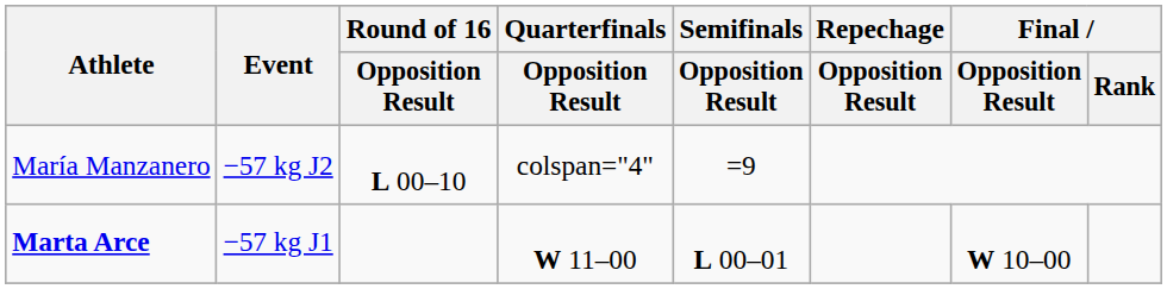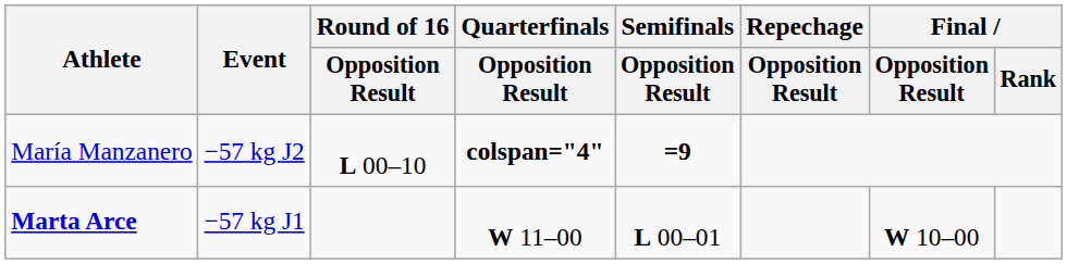 <table class="wikitable" style="font-size:90%">
 <tr>
 <th rowspan="2">Athlete</th>
 <th rowspan="2">Event</th>
 <th>Round of 16</th>
 <th>Quarterfinals</th>
 <th>Semifinals</th>
 <th>Repechage</th>
 <th colspan=2>Final / </th>
 </tr>
 <tr style="font-size:95%">
 <th>Opposition<br>Result</th>
 <th>Opposition<br>Result</th>
 <th>Opposition<br>Result</th>
 <th>Opposition<br>Result</th>
 <th>Opposition<br>Result</th>
 <th>Rank</th>
 </tr>
 <tr align="center">
 <td align="left"><a href='#'>María Manzanero</a></td>
 <td><a href='#'>−57 kg J2</a></td>
 <td><br><strong>L</strong> 00–10</td>
-<td>colspan="4" </td>
-<td>=9</td>
+<td><strong>colspan="4" </strong></td>
+<td><strong>=9</strong></td>
 </tr>
 <tr align="center">
 <td align="left"><strong><a href='#'>Marta Arce</a></strong></td>
 <td><a href='#'>−57 kg J1</a></td>
 <td></td>
 <td><br><strong>W</strong> 11–00</td>
 <td><br><strong>L</strong> 00–01</td>
 <td></td>
 <td><br><strong>W</strong> 10–00</td>
 <td></td>
 </tr>
 </table>
